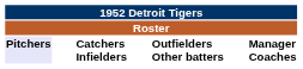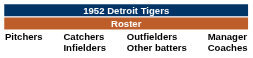 <table class="toccolours" style="font-size: 95%;">
 <tr>
 <th colspan="10" style="background-color: #003366; color: white; text-align: center;">1952 Detroit Tigers</th>
 </tr>
 <tr>
 <td colspan="10" style="background-color: #bd5d29; color: white; text-align: center;"><strong>Roster</strong></td>
 </tr>
 <tr>
-<td valign="top" style="background: lavender;"><strong>Pitchers</strong><br>                </td>
+<td valign="top"><strong>Pitchers</strong><br>                </td>
 <td width="25px"></td>
 <td valign="top"><strong>Catchers</strong><br>   <strong>Infielders</strong>           </td>
 <td width="25px"></td>
 <td valign="top"><strong>Outfielders</strong><br>            <strong>Other batters</strong>   </td>
 <td width="25px"></td>
 <td valign="top"><strong>Manager</strong><br>  <strong>Coaches</strong>   </td>
 </tr>
 </table>
